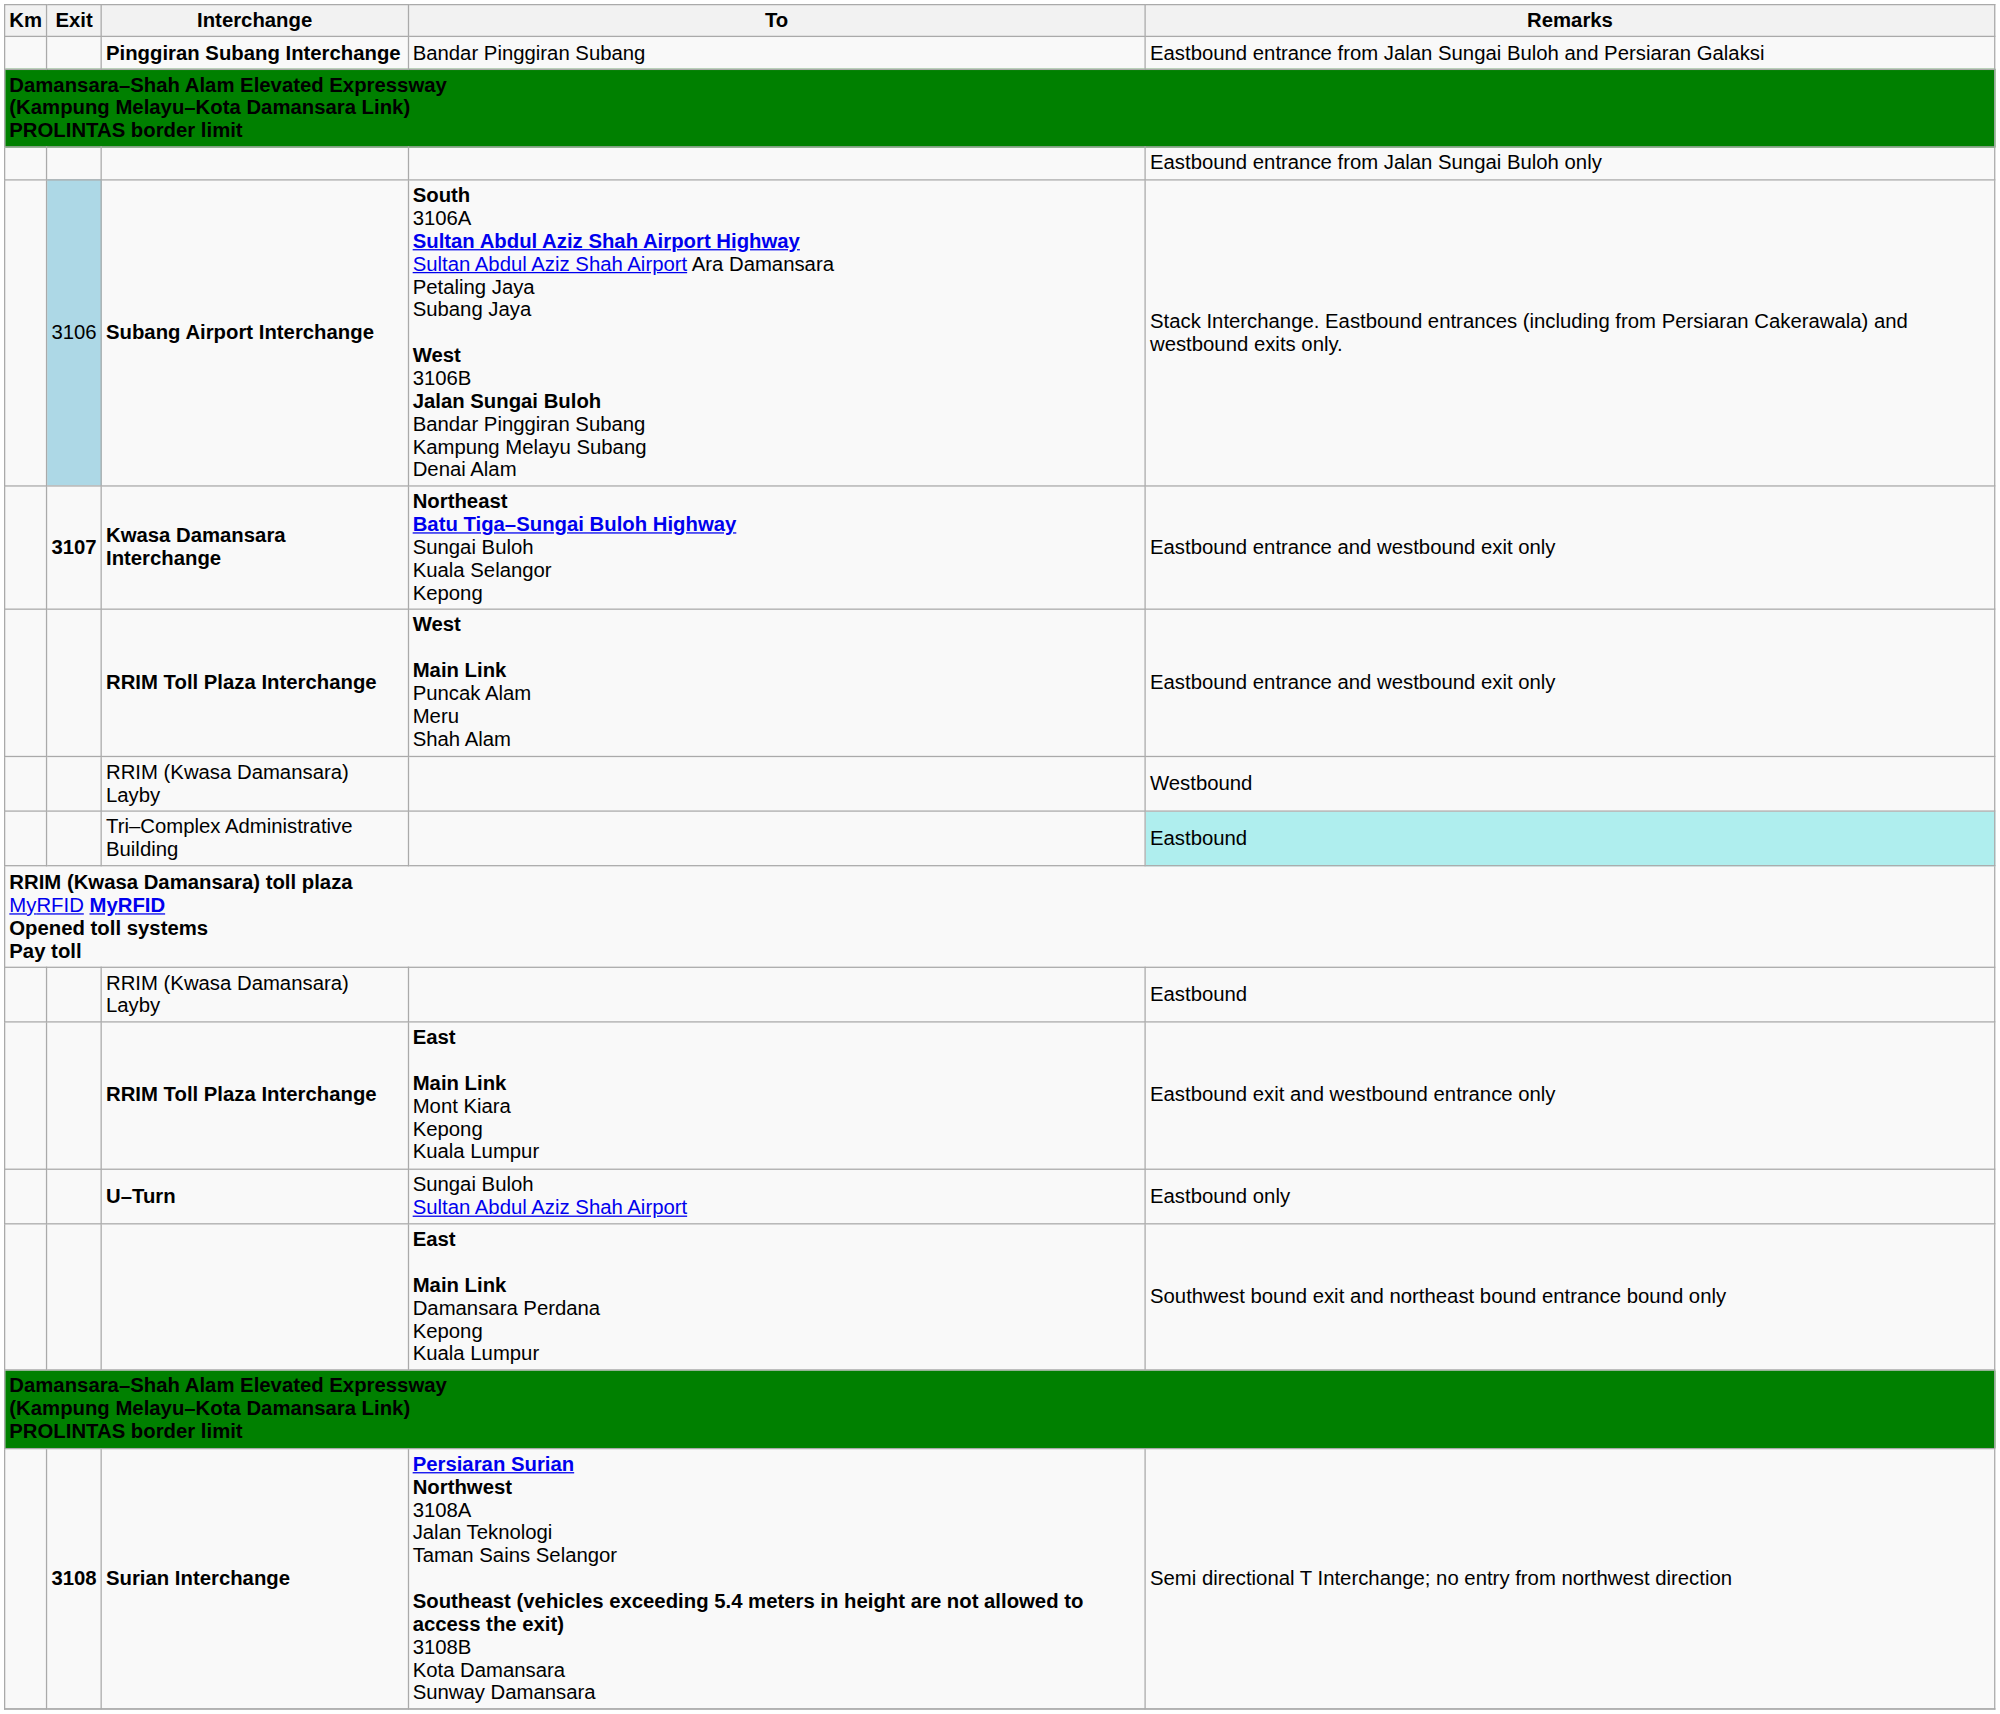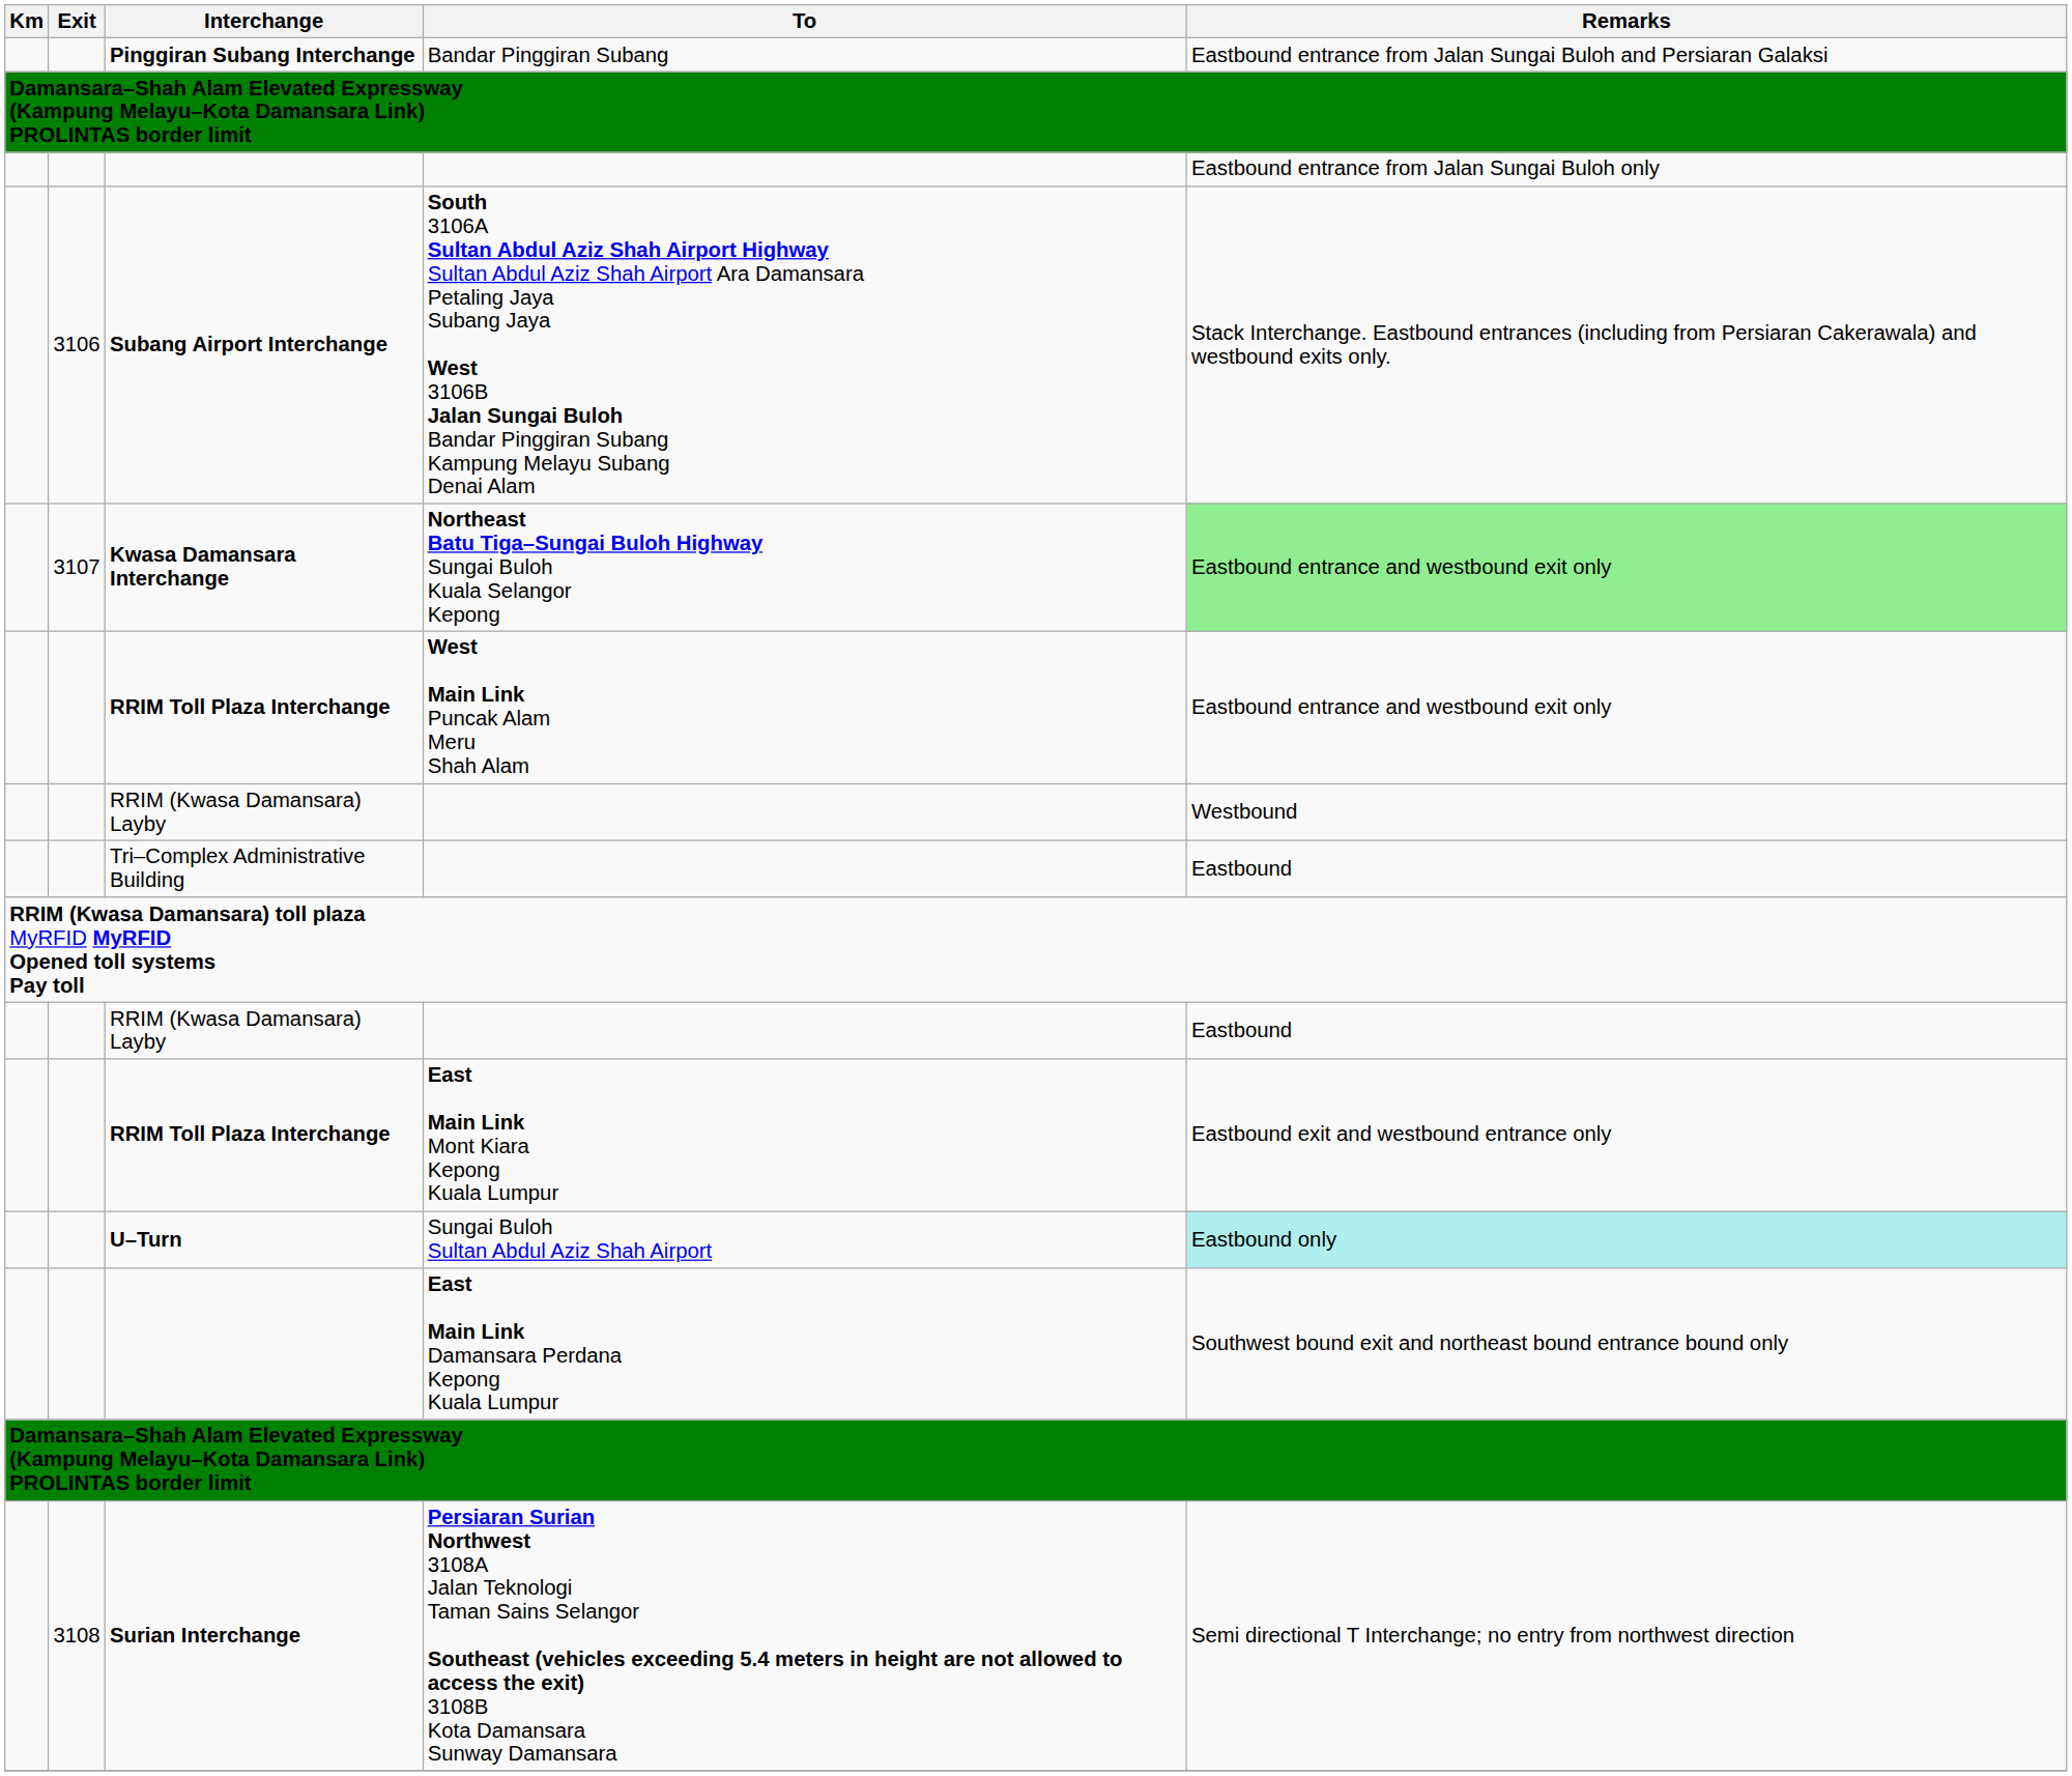 <table class=wikitable>
 <tr>
 <th>Km</th>
 <th>Exit</th>
 <th>Interchange</th>
 <th>To</th>
 <th>Remarks</th>
 </tr>
 <tr>
 <td></td>
 <td></td>
 <td><strong>Pinggiran Subang Interchange</strong></td>
 <td>Bandar Pinggiran Subang</td>
 <td>Eastbound entrance from Jalan Sungai Buloh and Persiaran Galaksi</td>
 </tr>
 <tr>
 <td style="width:600px" colspan="6" style="text-align:center" bgcolor="green"><strong><span> Damansara–Shah Alam Elevated Expressway<br>(Kampung Melayu–Kota Damansara Link)<br>PROLINTAS border limit</span></strong></td>
 </tr>
 <tr>
 <td></td>
 <td></td>
 <td></td>
 <td></td>
 <td>Eastbound entrance from Jalan Sungai Buloh only</td>
 </tr>
 <tr>
 <td></td>
-<td style="background: lightblue;">3106</td>
+<td>3106</td>
 <td><strong>Subang Airport Interchange</strong></td>
 <td><strong>South</strong><br>3106A<br> <strong><a href='#'>Sultan Abdul Aziz Shah Airport Highway</a></strong><br><a href='#'>Sultan Abdul Aziz Shah Airport</a> Ara Damansara<br>Petaling Jaya<br>Subang Jaya<br><br><strong>West</strong><br>3106B<br> <strong>Jalan Sungai Buloh</strong><br>Bandar Pinggiran Subang<br>Kampung Melayu Subang<br>Denai Alam</td>
 <td>Stack Interchange. Eastbound entrances (including from Persiaran Cakerawala) and westbound exits only.</td>
 </tr>
 <tr>
 <td></td>
-<td><strong>3107</strong></td>
+<td>3107</td>
 <td><strong>Kwasa Damansara Interchange</strong></td>
 <td><strong>Northeast</strong><br> <strong><a href='#'>Batu Tiga–Sungai Buloh Highway</a></strong><br>Sungai Buloh<br>Kuala Selangor<br>Kepong</td>
-<td>Eastbound entrance and westbound exit only</td>
+<td style="background: lightgreen;">Eastbound entrance and westbound exit only</td>
 </tr>
 <tr>
 <td></td>
 <td></td>
 <td><strong>RRIM Toll Plaza Interchange</strong></td>
 <td><strong>West</strong><br><strong></strong><br><strong>Main Link</strong><br>Puncak Alam<br>Meru<br>Shah Alam</td>
 <td>Eastbound entrance and westbound exit only</td>
 </tr>
 <tr>
 <td></td>
 <td></td>
 <td> RRIM (Kwasa Damansara) Layby</td>
 <td>   </td>
 <td>Westbound</td>
 </tr>
 <tr>
 <td></td>
 <td></td>
 <td>Tri–Complex Administrative Building</td>
 <td></td>
-<td style="background: paleturquoise;">Eastbound</td>
+<td>Eastbound</td>
 </tr>
 <tr>
 <td style="width:600px" colspan="6" style="text-align:center; background:green;"><strong><span>RRIM (Kwasa Damansara) toll plaza<br></span></strong><a href='#'><span>My</span><span>RFID</span></a> <strong><span>  <a href='#'><span>My</span><span>RFID</span></a>  <br>Opened toll systems<br>Pay toll<br></span></strong></td>
 </tr>
 <tr>
 <td></td>
 <td></td>
 <td> RRIM (Kwasa Damansara) Layby</td>
 <td>   </td>
 <td>Eastbound</td>
 </tr>
 <tr>
 <td></td>
 <td></td>
 <td><strong>RRIM Toll Plaza Interchange</strong></td>
 <td><strong>East</strong><br><strong></strong><br><strong>Main Link</strong><br>Mont Kiara<br>Kepong<br>Kuala Lumpur</td>
 <td>Eastbound exit and westbound entrance only</td>
 </tr>
 <tr>
 <td></td>
 <td></td>
 <td><strong>U–Turn</strong></td>
 <td>Sungai Buloh<br><a href='#'>Sultan Abdul Aziz Shah Airport</a> </td>
-<td>Eastbound only</td>
+<td style="background: paleturquoise;">Eastbound only</td>
 </tr>
 <tr>
 <td></td>
 <td></td>
 <td></td>
 <td><strong>East</strong><br><strong></strong><br><strong>Main Link</strong><br>Damansara Perdana<br>Kepong<br>Kuala Lumpur</td>
 <td>Southwest bound exit and northeast bound entrance bound only</td>
 </tr>
 <tr>
 <td style="width:600px" colspan="6" style="text-align:center" bgcolor="green"><strong><span> Damansara–Shah Alam Elevated Expressway<br>(Kampung Melayu–Kota Damansara Link)<br>PROLINTAS border limit</span></strong></td>
 </tr>
 <tr>
 <td></td>
-<td><strong>3108</strong></td>
+<td>3108</td>
 <td><strong>Surian Interchange</strong></td>
 <td><strong><a href='#'>Persiaran Surian</a></strong><br><strong>Northwest</strong><br>3108A<br>Jalan Teknologi<br>Taman Sains Selangor<br><br><strong>Southeast (vehicles exceeding 5.4 meters in height are not allowed to access the exit)</strong><br>3108B<br>Kota Damansara<br>Sunway Damansara</td>
 <td>Semi directional T Interchange; no entry from northwest direction</td>
 </tr>
 <tr>
 </tr>
 </table>
